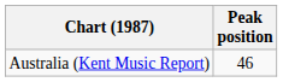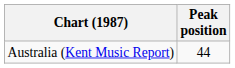 <table class="wikitable">
 <tr>
 <th scope="col">Chart (1987)</th>
 <th>Peak<br>position</th>
 </tr>
 <tr>
 <td>Australia (<a href='#'>Kent Music Report</a>)</td>
-<td style="text-align:center;">46</td>
+<td style="text-align:center;">44</td>
 </tr>
 </table>
